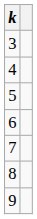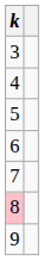 <table class="wikitable">
 <tr>
 <th><em>k</em></th>
 <th> </th>
 </tr>
 <tr>
 <td>3</td>
 <td></td>
 </tr>
 <tr>
 <td>4</td>
 <td></td>
 </tr>
 <tr>
 <td>5</td>
 <td></td>
 </tr>
 <tr>
 <td>6</td>
 <td></td>
 </tr>
 <tr>
 <td>7</td>
 <td></td>
 </tr>
 <tr>
-<td>8</td>
+<td style="background: pink;">8</td>
 <td></td>
 </tr>
 <tr>
 <td>9</td>
 <td></td>
 </tr>
 </table>
